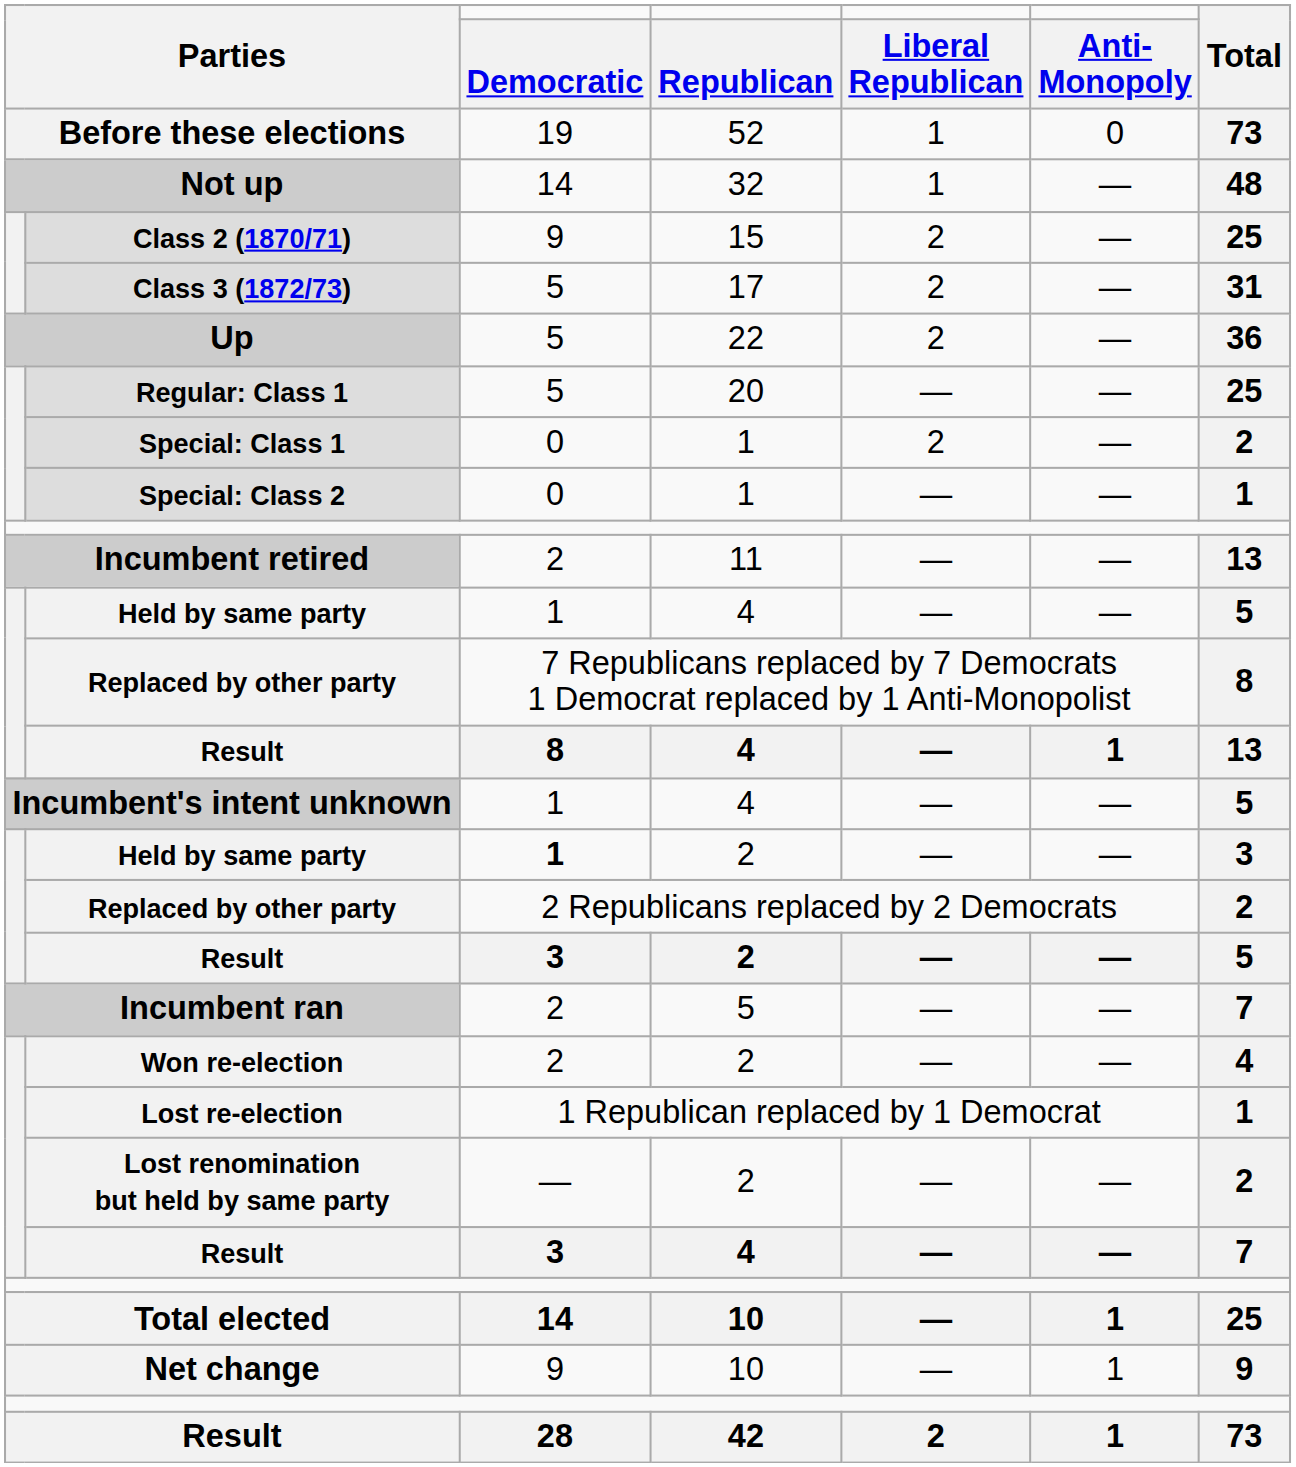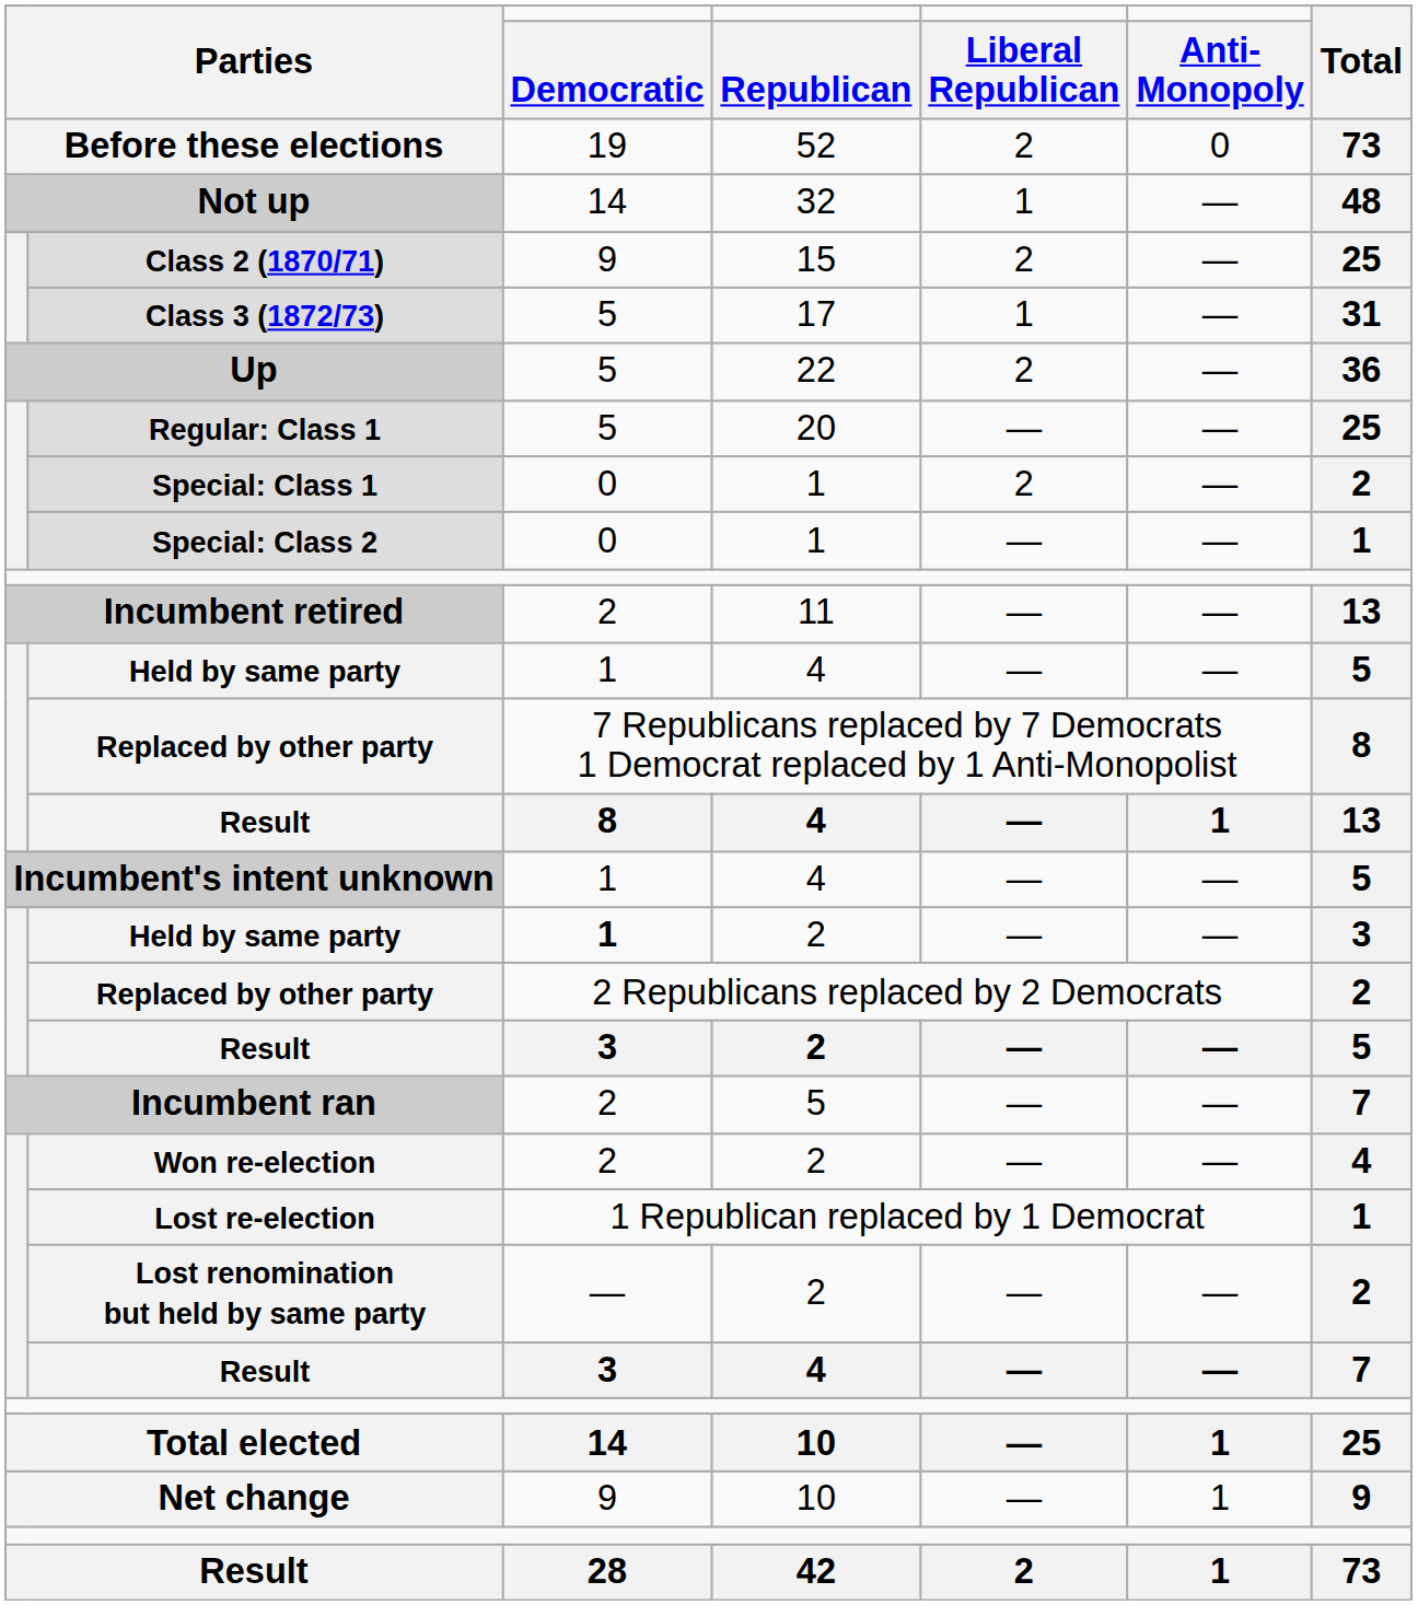 <table class=wikitable style=text-align:center>
 <tr>
 <th colspan=2 rowspan=2>Parties</th>
 <td style="background-color:"></td>
 <td style="background-color:"></td>
 <td style="background-color:"></td>
 <td style="background-color:"></td>
 <th rowspan=2>Total</th>
 </tr>
 <tr valign=bottom>
 <th><a href='#'>Democratic</a></th>
 <th><a href='#'>Republican</a></th>
 <th><a href='#'>Liberal<br>Republican</a></th>
 <th><a href='#'>Anti-<br>Monopoly</a></th>
 </tr>
 <tr>
 <th colspan=2>Before these elections</th>
 <td>19</td>
 <td>52</td>
-<td>1</td>
+<td>2</td>
 <td>0</td>
 <th>73</th>
 </tr>
 <tr>
 <th colspan=2 style="background:#ccc">Not up</th>
 <td>14</td>
 <td>32</td>
 <td>1</td>
 <td>—</td>
 <th>48</th>
 </tr>
 <tr>
 <th rowspan=2></th>
 <th style="background:#ddd"><small>Class 2 (<a href='#'>1870/71</a>)</small></th>
 <td>9</td>
 <td>15</td>
 <td>2</td>
 <td>—</td>
 <th>25</th>
 </tr>
 <tr>
 <th style="background:#ddd"><small>Class 3 (<a href='#'>1872/73</a>)</small></th>
 <td>5</td>
 <td>17</td>
-<td>2</td>
+<td>1</td>
 <td>—</td>
 <th>31</th>
 </tr>
 <tr>
 <th colspan=2 style="background:#ccc">Up</th>
 <td>5</td>
 <td>22</td>
 <td>2</td>
 <td>—</td>
 <th>36</th>
 </tr>
 <tr>
 <th rowspan=3></th>
 <th style="background:#ddd"><small>Regular: Class 1</small></th>
 <td>5</td>
 <td>20</td>
 <td>—</td>
 <td>—</td>
 <th>25</th>
 </tr>
 <tr>
 <th style="background:#ddd"><small>Special: Class 1</small></th>
 <td>0</td>
 <td>1</td>
 <td>2</td>
 <td>—</td>
 <th>2</th>
 </tr>
 <tr>
 <th style="background:#ddd"><small>Special: Class 2</small></th>
 <td>0</td>
 <td>1</td>
 <td>—</td>
 <td>—</td>
 <th>1</th>
 </tr>
 <tr>
 <td colspan=99></td>
 </tr>
 <tr>
 <th colspan=2 style="background:#ccc">Incumbent retired</th>
 <td>2</td>
 <td>11</td>
 <td>—</td>
 <td>—</td>
 <th>13</th>
 </tr>
 <tr>
 <th rowspan=3></th>
 <th><small>Held by same party</small></th>
 <td>1</td>
 <td>4</td>
 <td>—</td>
 <td>—</td>
 <th>5</th>
 </tr>
 <tr>
 <th><small>Replaced by other party</small></th>
 <td colspan=4>7 Republicans replaced by 7 Democrats<br>1 Democrat replaced by 1 Anti-Monopolist</td>
 <th>8</th>
 </tr>
 <tr>
 <th><small>Result</small></th>
 <th>8</th>
 <th>4</th>
 <th>—</th>
 <th>1</th>
 <th>13</th>
 </tr>
 <tr>
 <th colspan=2 style="background:#ccc">Incumbent's intent unknown</th>
 <td>1</td>
 <td>4</td>
 <td>—</td>
 <td>—</td>
 <th>5</th>
 </tr>
 <tr>
 <th rowspan=3></th>
 <th><small>Held by same party</small></th>
 <td><strong>1</strong></td>
 <td>2</td>
 <td>—</td>
 <td>—</td>
 <th>3</th>
 </tr>
 <tr>
 <th><small>Replaced by other party</small></th>
 <td colspan=4>2 Republicans replaced by 2 Democrats</td>
 <th>2</th>
 </tr>
 <tr>
 <th><small>Result</small></th>
 <th>3</th>
 <th>2</th>
 <th>—</th>
 <th>—</th>
 <th>5</th>
 </tr>
 <tr>
 <th colspan=2 style="background:#ccc">Incumbent ran</th>
 <td>2</td>
 <td>5</td>
 <td>—</td>
 <td>—</td>
 <th>7</th>
 </tr>
 <tr>
 <th rowspan=4></th>
 <th><small>Won re-election</small></th>
 <td>2</td>
 <td>2</td>
 <td>—</td>
 <td>—</td>
 <th>4</th>
 </tr>
 <tr>
 <th><small>Lost re-election</small></th>
 <td colspan=4>1 Republican replaced by 1 Democrat</td>
 <th>1</th>
 </tr>
 <tr>
 <th><small>Lost renomination<br>but held by same party</small></th>
 <td>—</td>
 <td>2</td>
 <td>—</td>
 <td>—</td>
 <th>2</th>
 </tr>
 <tr>
 <th><small>Result</small></th>
 <th>3</th>
 <th>4</th>
 <th>—</th>
 <th>—</th>
 <th>7</th>
 </tr>
 <tr>
 <td colspan=99></td>
 </tr>
 <tr>
 <th colspan=2>Total elected</th>
 <th>14</th>
 <th>10</th>
 <th>—</th>
 <th>1</th>
 <th>25</th>
 </tr>
 <tr>
 <th colspan=2>Net change</th>
 <td>9</td>
 <td>10</td>
 <td>—</td>
 <td>1</td>
 <th>9</th>
 </tr>
 <tr>
 <td colspan=99></td>
 </tr>
 <tr>
 <th colspan=2><strong>Result</strong></th>
 <th>28</th>
 <th>42</th>
 <th>2</th>
 <th>1</th>
 <th>73</th>
 </tr>
 </table>
